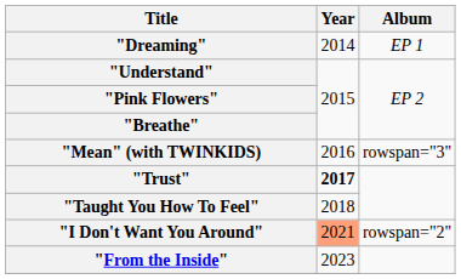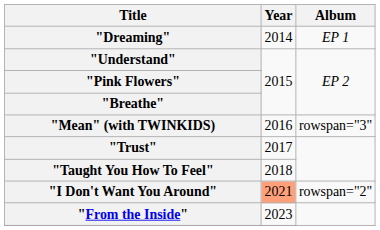 <table class="wikitable plainrowheaders" style="text-align:center;">
 <tr>
 <th scope="col" style="width:18em;">Title</th>
 <th>Year</th>
 <th>Album</th>
 </tr>
 <tr>
 <th scope="row">"Dreaming"</th>
 <td>2014</td>
 <td><em>EP 1</em></td>
 </tr>
 <tr>
 <th scope="row">"Understand"</th>
 <td rowspan="3">2015</td>
 <td rowspan="3"><em>EP 2</em></td>
 </tr>
 <tr>
 <th scope="row">"Pink Flowers"</th>
 </tr>
 <tr>
 <th scope="row">"Breathe"</th>
 </tr>
 <tr>
 <th scope="row">"Mean" (with TWINKIDS)</th>
 <td>2016</td>
 <td>rowspan="3" </td>
 </tr>
 <tr>
 <th scope="row">"Trust"</th>
-<td><strong>2017</strong></td>
+<td>2017</td>
 </tr>
 <tr>
 <th scope="row">"Taught You How To Feel"</th>
 <td>2018</td>
 </tr>
 <tr>
 <th scope="row">"I Don't Want You Around"</th>
 <td style="background: lightsalmon;">2021</td>
 <td>rowspan="2" </td>
 </tr>
 <tr>
 <th scope="row">"<a href='#'>From the Inside</a>"</th>
 <td>2023</td>
 </tr>
 <tr>
 </tr>
 </table>
